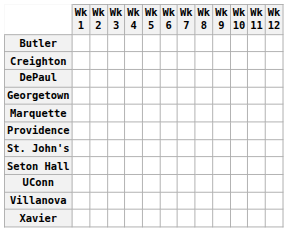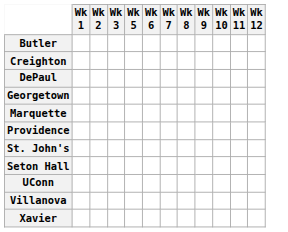 <table class="wikitable" style="white-space:nowrap;font-size:90%;text-align:center;">
 <tr>
 <th style="background:white; border-top-style:hidden; border-left-style:hidden;"> </th>
 <th>Wk<br> 1</th>
 <th>Wk<br>2</th>
 <th>Wk<br>3</th>
-<th>Wk<br>4</th>
 <th>Wk<br>5</th>
 <th>Wk<br>6</th>
 <th>Wk<br>7</th>
 <th>Wk<br>8</th>
 <th>Wk<br>9</th>
 <th>Wk<br>10</th>
 <th>Wk<br>11</th>
 <th>Wk<br>12</th>
 </tr>
 <tr>
 <th>Butler</th>
-<td style="background:#FFF;"></td>
 <td style="background:#FFF;"></td>
 <td style="background:#FFF;"></td>
 <td style="background:#FFF;"></td>
 <td style="background:#FFF;"></td>
 <td style="background:#FFF;"></td>
 <td style="background:#FFF;"></td>
 <td style="background:#FFF;"></td>
 <td style="background:#FFF;"></td>
 <td style="background:#FFF;"></td>
 <td style="background:#FFF;"></td>
 <td style="background:#FFF;"></td>
 </tr>
 <tr>
 <th>Creighton</th>
 <td style="background:#FFF;"></td>
 <td style="background:#FFF;"></td>
 <td style="background:#FFF;"></td>
 <td style="background:#FFF;"></td>
 <td style="background:#FFF;"></td>
 <td style="background:#FFF;"></td>
 <td style="background:#FFF;"></td>
 <td style="background:#FFF;"></td>
 <td style="background:#FFF;"></td>
 <td style="background:#FFF;"></td>
 <td style="background:#FFF;"></td>
-<td style="background:#FFF;"></td>
 </tr>
 <tr>
 <th>DePaul</th>
-<td style="background:#FFF;"></td>
 <td style="background:#FFF;"></td>
 <td style="background:#FFF;"></td>
 <td style="background:#FFF;"></td>
 <td style="background:#FFF;"></td>
 <td style="background:#FFF;"></td>
 <td style="background:#FFF;"></td>
 <td style="background:#FFF;"></td>
 <td style="background:#FFF;"></td>
 <td style="background:#FFF;"></td>
 <td style="background:#FFF;"></td>
 <td style="background:#FFF;"></td>
 </tr>
 <tr>
 <th>Georgetown</th>
 <td style="background:#FFF;"></td>
 <td style="background:#FFF;"></td>
 <td style="background:#FFF;"></td>
 <td style="background:#FFF;"></td>
 <td style="background:#FFF;"></td>
 <td style="background:#FFF;"></td>
 <td style="background:#FFF;"></td>
 <td style="background:#FFF;"></td>
 <td style="background:#FFF;"></td>
 <td style="background:#FFF;"></td>
 <td style="background:#FFF;"></td>
-<td style="background:#FFF;"></td>
 </tr>
 <tr>
 <th>Marquette</th>
-<td style="background:#FFF;"></td>
 <td style="background:#FFF;"></td>
 <td style="background:#FFF;"></td>
 <td style="background:#FFF;"></td>
 <td style="background:#FFF;"></td>
 <td style="background:#FFF;"></td>
 <td style="background:#FFF;"></td>
 <td style="background:#FFF;"></td>
 <td style="background:#FFF;"></td>
 <td style="background:#FFF;"></td>
 <td style="background:#FFF;"></td>
 <td style="background:#FFF;"></td>
 </tr>
 <tr>
 <th>Providence</th>
 <td style="background:#FFF;"></td>
 <td style="background:#FFF;"></td>
 <td style="background:#FFF;"></td>
 <td style="background:#FFF;"></td>
 <td style="background:#FFF;"></td>
 <td style="background:#FFF;"></td>
 <td style="background:#FFF;"></td>
 <td style="background:#FFF;"></td>
 <td style="background:#FFF;"></td>
 <td style="background:#FFF;"></td>
 <td style="background:#FFF;"></td>
-<td style="background:#FFF;"></td>
 </tr>
 <tr>
 <th>St. John's</th>
-<td style="background:#FFF;"></td>
 <td style="background:#FFF;"></td>
 <td style="background:#FFF;"></td>
 <td style="background:#FFF;"></td>
 <td style="background:#FFF;"></td>
 <td style="background:#FFF;"></td>
 <td style="background:#FFF;"></td>
 <td style="background:#FFF;"></td>
 <td style="background:#FFF;"></td>
 <td style="background:#FFF;"></td>
 <td style="background:#FFF;"></td>
 <td style="background:#FFF;"></td>
 </tr>
 <tr>
 <th>Seton Hall</th>
 <td style="background:#FFF;"></td>
 <td style="background:#FFF;"></td>
 <td style="background:#FFF;"></td>
 <td style="background:#FFF;"></td>
 <td style="background:#FFF;"></td>
 <td style="background:#FFF;"></td>
 <td style="background:#FFF;"></td>
 <td style="background:#FFF;"></td>
 <td style="background:#FFF;"></td>
 <td style="background:#FFF;"></td>
 <td style="background:#FFF;"></td>
-<td style="background:#FFF;"></td>
 </tr>
 <tr>
 <th>UConn</th>
-<td style="background:#FFF;"></td>
 <td style="background:#FFF;"></td>
 <td style="background:#FFF;"></td>
 <td style="background:#FFF;"></td>
 <td style="background:#FFF;"></td>
 <td style="background:#FFF;"></td>
 <td style="background:#FFF;"></td>
 <td style="background:#FFF;"></td>
 <td style="background:#FFF;"></td>
 <td style="background:#FFF;"></td>
 <td style="background:#FFF;"></td>
 <td style="background:#FFF;"></td>
 </tr>
 <tr>
 <th>Villanova</th>
 <td style="background:#FFF;"></td>
 <td style="background:#FFF;"></td>
 <td style="background:#FFF;"></td>
 <td style="background:#FFF;"></td>
 <td style="background:#FFF;"></td>
 <td style="background:#FFF;"></td>
 <td style="background:#FFF;"></td>
 <td style="background:#FFF;"></td>
 <td style="background:#FFF;"></td>
 <td style="background:#FFF;"></td>
 <td style="background:#FFF;"></td>
-<td style="background:#FFF;"></td>
 </tr>
 <tr>
 <th>Xavier</th>
 <td style="background:#FFF;"></td>
 <td style="background:#FFF;"></td>
 <td style="background:#FFF;"></td>
 <td style="background:#FFF;"></td>
 <td style="background:#FFF;"></td>
 <td style="background:#FFF;"></td>
 <td style="background:#FFF;"></td>
 <td style="background:#FFF;"></td>
 <td style="background:#FFF;"></td>
 <td style="background:#FFF;"></td>
 <td style="background:#FFF;"></td>
-<td style="background:#FFF;"></td>
 </tr>
 </table>
